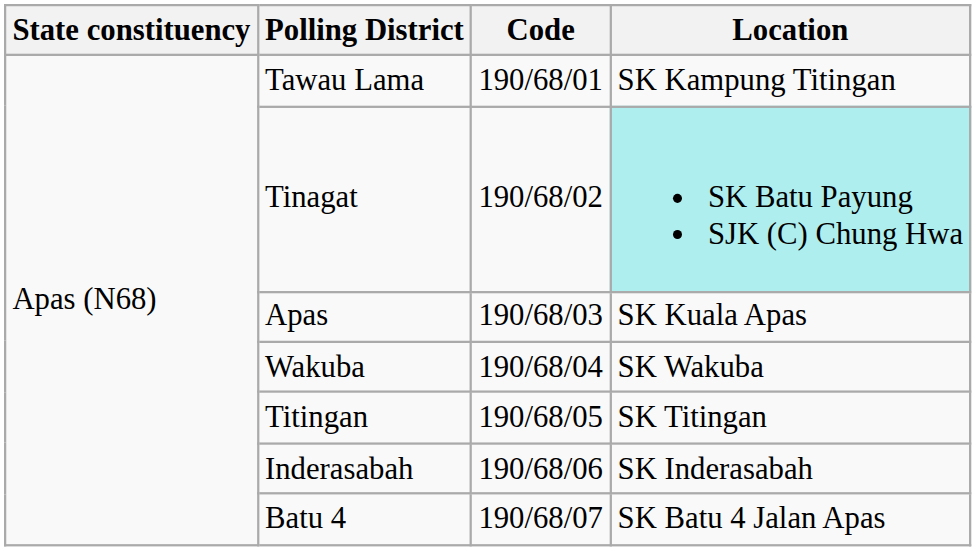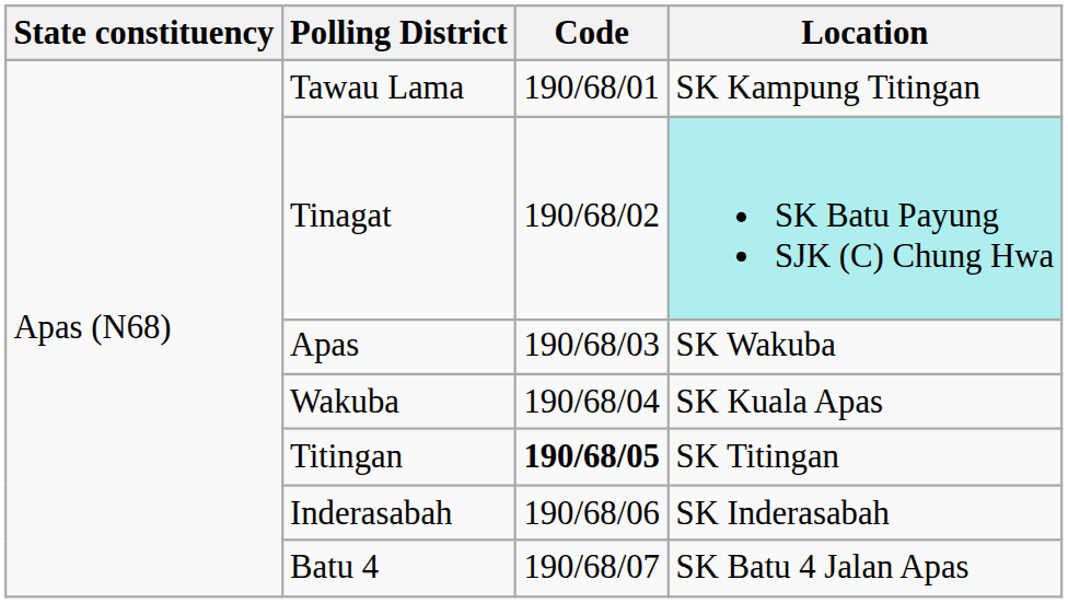 <table class="wikitable sortable mw-collapsible" style="white-space:nowrap;font-size:85%">
 <tr>
 <th>State constituency</th>
 <th>Polling District</th>
 <th>Code</th>
 <th>Location</th>
 </tr>
 <tr>
 <td rowspan="7">Apas (N68)</td>
 <td>Tawau Lama</td>
 <td>190/68/01</td>
 <td>SK Kampung Titingan</td>
 </tr>
 <tr>
 <td>Tinagat</td>
 <td>190/68/02</td>
 <td style="background: paleturquoise;"><br><ul><li>SK Batu Payung</li><li>SJK (C) Chung Hwa</li></ul></td>
 </tr>
 <tr>
 <td>Apas</td>
 <td>190/68/03</td>
-<td>SK Kuala Apas</td>
+<td>SK Wakuba</td>
 </tr>
 <tr>
 <td>Wakuba</td>
 <td>190/68/04</td>
-<td>SK Wakuba</td>
+<td>SK Kuala Apas</td>
 </tr>
 <tr>
 <td>Titingan</td>
-<td>190/68/05</td>
+<td><strong>190/68/05</strong></td>
 <td>SK Titingan</td>
 </tr>
 <tr>
 <td>Inderasabah</td>
 <td>190/68/06</td>
 <td>SK Inderasabah</td>
 </tr>
 <tr>
 <td>Batu 4</td>
 <td>190/68/07</td>
 <td>SK Batu 4 Jalan Apas</td>
 </tr>
 </table>
